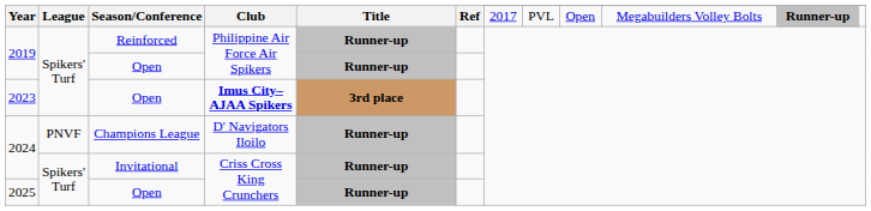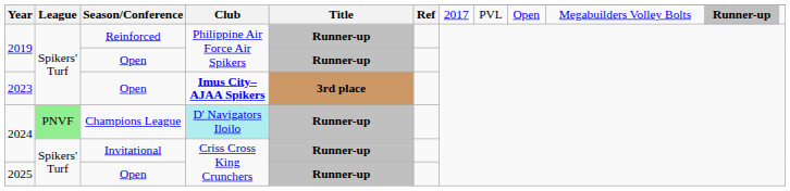 <table class="wikitable sortable" style="text-align:center" width="80%">
 <tr>
 <th style="width:5px;" rowspan="2">Year</th>
 <th style="width:25px;" rowspan="2">League</th>
 <th style="width:100px;" rowspan="2">Season/Conference</th>
 <th style="width:100px;" rowspan="2">Club</th>
 <th style="width:180px;" rowspan="2">Title</th>
 <th style="width:25px;" rowspan="2">Ref</th>
 </tr>
 <tr align=center>
 <td rowspan =1><a href='#'>2017</a></td>
 <td>PVL</td>
 <td><a href='#'>Open</a></td>
 <td><a href='#'>Megabuilders Volley Bolts</a></td>
 <td style="background:silver;"><strong>Runner-up</strong></td>
 <td></td>
 </tr>
 <tr align=center>
 <td rowspan=2><a href='#'>2019</a></td>
 <td rowspan=3>Spikers' Turf</td>
 <td><a href='#'>Reinforced</a></td>
 <td rowspan=2><a href='#'>Philippine Air Force Air Spikers</a></td>
 <td style="background:silver"><strong>Runner-up</strong></td>
 <td></td>
 </tr>
 <tr align=center>
 <td><a href='#'>Open</a></td>
 <td style="background:silver"><strong>Runner-up</strong></td>
 <td></td>
 </tr>
 <tr align=center>
 <td><a href='#'>2023</a></td>
 <td><a href='#'>Open</a></td>
 <td><strong><a href='#'>Imus City–AJAA Spikers</a></strong></td>
 <td style="background:#cc9966;"><strong>3rd place</strong></td>
 <td></td>
 </tr>
 <tr>
 <td rowspan=2>2024</td>
-<td>PNVF</td>
+<td style="background: lightgreen;">PNVF</td>
 <td><a href='#'>Champions League</a></td>
-<td><a href='#'>D' Navigators Iloilo</a></td>
+<td style="background: paleturquoise;"><a href='#'>D' Navigators Iloilo</a></td>
 <td style="background:silver;"><strong>Runner-up</strong></td>
 <td></td>
 </tr>
 <tr>
 <td rowspan=2>Spikers' Turf</td>
 <td><a href='#'>Invitational</a></td>
 <td rowspan=2><a href='#'>Criss Cross King Crunchers</a></td>
 <td style="background:silver;"><strong>Runner-up</strong></td>
 <td></td>
 </tr>
 <tr>
 <td>2025</td>
 <td><a href='#'>Open</a></td>
 <td style="background:silver;"><strong>Runner-up</strong></td>
 <td></td>
 </tr>
 </table>
